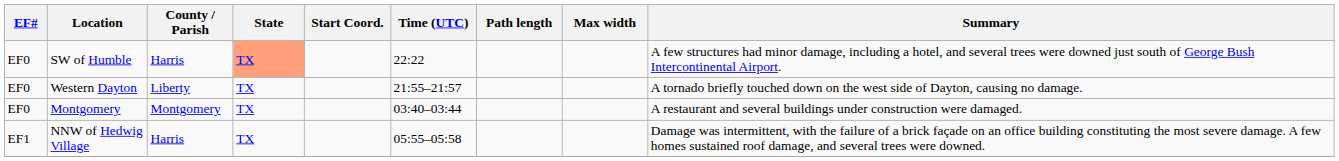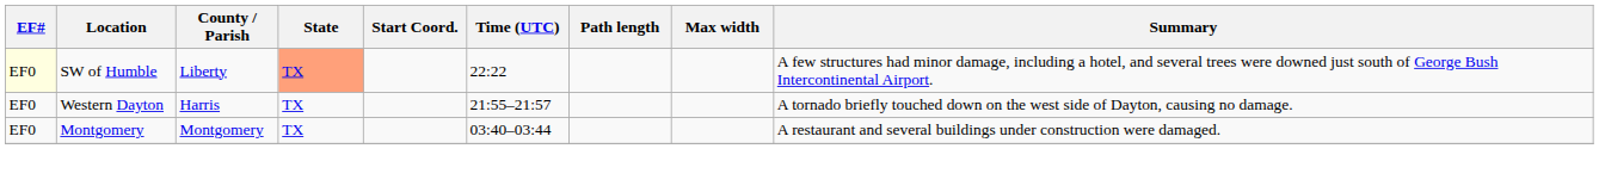 <table class="wikitable sortable" style="width:100%;">
 <tr>
 <th scope="col"  style="width:3%; text-align:center;"><a href='#'>EF#</a></th>
 <th scope="col"  style="width:7%; text-align:center;" class="unsortable">Location</th>
 <th scope="col"  style="width:6%; text-align:center;" class="unsortable">County / Parish</th>
 <th scope="col"  style="width:5%; text-align:center;">State</th>
 <th scope="col"  style="width:6%; text-align:center;">Start Coord.</th>
 <th scope="col"  style="width:6%; text-align:center;">Time (<a href='#'>UTC</a>)</th>
 <th scope="col"  style="width:6%; text-align:center;">Path length</th>
 <th scope="col"  style="width:6%; text-align:center;">Max width</th>
 <th scope="col" class="unsortable" style="width:48%; text-align:center;">Summary</th>
 </tr>
 <tr>
-<td>EF0</td>
+<td style="background: lightyellow;">EF0</td>
 <td>SW of <a href='#'>Humble</a></td>
-<td><a href='#'>Harris</a></td>
+<td><a href='#'>Liberty</a></td>
 <td style="background: lightsalmon;"><a href='#'>TX</a></td>
 <td></td>
 <td>22:22</td>
 <td></td>
 <td></td>
 <td>A few structures had minor damage, including a hotel, and several trees were downed just south of <a href='#'>George Bush Intercontinental Airport</a>.</td>
 </tr>
 <tr>
 <td>EF0</td>
 <td>Western <a href='#'>Dayton</a></td>
-<td><a href='#'>Liberty</a></td>
+<td><a href='#'>Harris</a></td>
 <td><a href='#'>TX</a></td>
 <td></td>
 <td>21:55–21:57</td>
 <td></td>
 <td></td>
 <td>A tornado briefly touched down on the west side of Dayton, causing no damage.</td>
 </tr>
 <tr>
 <td>EF0</td>
 <td><a href='#'>Montgomery</a></td>
 <td><a href='#'>Montgomery</a></td>
 <td><a href='#'>TX</a></td>
 <td></td>
 <td>03:40–03:44</td>
 <td></td>
 <td></td>
 <td>A restaurant and several buildings under construction were damaged.</td>
 </tr>
 <tr>
-<td>EF1</td>
-<td>NNW of <a href='#'>Hedwig Village</a></td>
-<td><a href='#'>Harris</a></td>
-<td><a href='#'>TX</a></td>
-<td></td>
-<td>05:55–05:58</td>
-<td></td>
-<td></td>
-<td>Damage was intermittent, with the failure of a brick façade on an office building constituting the most severe damage. A few homes sustained roof damage, and several trees were downed.</td>
-</tr>
-<tr>
 </tr>
 </table>
